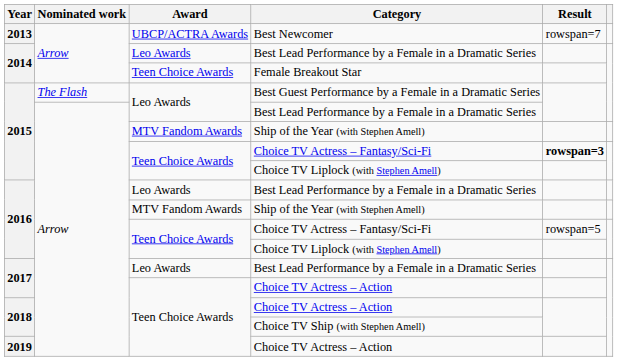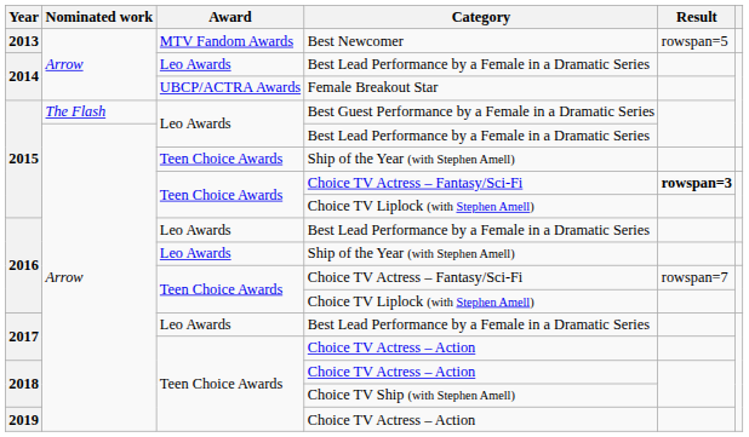 <table class="wikitable sortable">
 <tr>
 <th>Year</th>
 <th>Nominated work</th>
 <th>Award</th>
 <th>Category</th>
 <th>Result</th>
 <th class="unsortable"></th>
 </tr>
 <tr>
 <th>2013</th>
 <td rowspan=3><em><a href='#'>Arrow</a></em></td>
-<td><a href='#'>UBCP/ACTRA Awards</a></td>
+<td><a href='#'>MTV Fandom Awards</a></td>
 <td>Best Newcomer</td>
-<td>rowspan=7 </td>
+<td>rowspan=5 </td>
 <td Style="text-align:center;"></td>
 </tr>
 <tr>
 <th rowspan="2">2014</th>
 <td><a href='#'>Leo Awards</a></td>
 <td>Best Lead Performance by a Female in a Dramatic Series</td>
 <td style="text-align:center;"></td>
 </tr>
 <tr>
-<td><a href='#'>Teen Choice Awards</a></td>
+<td><a href='#'>UBCP/ACTRA Awards</a></td>
 <td>Female Breakout Star</td>
 <td style="text-align:center;"></td>
 </tr>
 <tr>
 <th rowspan="5">2015</th>
 <td><em><a href='#'>The Flash</a></em></td>
 <td rowspan=2>Leo Awards</td>
 <td>Best Guest Performance by a Female in a Dramatic Series</td>
 <td style="text-align:center;" rowspan="2"></td>
 </tr>
 <tr>
 <td rowspan=13><em>Arrow</em></td>
 <td>Best Lead Performance by a Female in a Dramatic Series</td>
 </tr>
 <tr>
-<td><a href='#'>MTV Fandom Awards</a></td>
+<td><a href='#'>Teen Choice Awards</a></td>
 <td>Ship of the Year <small>(with Stephen Amell)</small></td>
 <td></td>
 <td style="text-align:center;"></td>
 </tr>
 <tr>
 <td rowspan=2><a href='#'>Teen Choice Awards</a></td>
 <td><a href='#'>Choice TV Actress – Fantasy/Sci-Fi</a></td>
 <td><strong>rowspan=3 </strong></td>
 <td style="text-align:center;" rowspan="2"></td>
 </tr>
 <tr>
 <td>Choice TV Liplock <small>(with <a href='#'>Stephen Amell</a>)</small></td>
 </tr>
 <tr>
 <th rowspan="4">2016</th>
 <td>Leo Awards</td>
 <td>Best Lead Performance by a Female in a Dramatic Series</td>
 <td style="text-align:center;"></td>
 </tr>
 <tr>
-<td>MTV Fandom Awards</td>
+<td><a href='#'>Leo Awards</a></td>
 <td>Ship of the Year <small>(with Stephen Amell)</small></td>
 <td></td>
 <td style="text-align:center;"></td>
 </tr>
 <tr>
 <td rowspan=2><a href='#'>Teen Choice Awards</a></td>
 <td>Choice TV Actress – Fantasy/Sci-Fi</td>
-<td>rowspan=5 </td>
+<td>rowspan=7 </td>
 <td style="text-align:center;" rowspan="2"></td>
 </tr>
 <tr>
 <td>Choice TV Liplock <small>(with <a href='#'>Stephen Amell</a>)</small></td>
 </tr>
 <tr>
 <th rowspan="2">2017</th>
 <td>Leo Awards</td>
 <td>Best Lead Performance by a Female in a Dramatic Series</td>
 <td style="text-align:center;"></td>
 </tr>
 <tr>
 <td rowspan=4>Teen Choice Awards</td>
 <td><a href='#'>Choice TV Actress – Action</a></td>
 <td style="text-align:center;"></td>
 </tr>
 <tr>
 <th rowspan="2">2018</th>
 <td><a href='#'>Choice TV Actress – Action</a></td>
 <td style="text-align:center;" rowspan=2></td>
 </tr>
 <tr>
 <td>Choice TV Ship <small>(with Stephen Amell)</small></td>
 </tr>
 <tr>
 <th>2019</th>
 <td Teen Choice Award for Choice TV Actress Action>Choice TV Actress – Action</td>
 <td style="text-align:center;"></td>
 </tr>
 </table>
